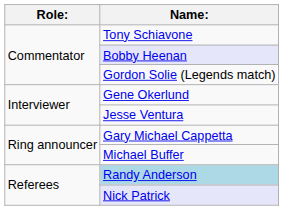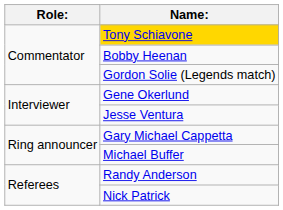 <table class=wikitable style="font-size:90%; margin: 0.5em 0 0.5em 1em; float: right; clear: right;">
 <tr>
 <th>Role:</th>
 <th>Name:</th>
 </tr>
 <tr>
 <td rowspan=3>Commentator</td>
-<td><a href='#'>Tony Schiavone</a></td>
+<td style="background: gold;"><a href='#'>Tony Schiavone</a></td>
 </tr>
 <tr>
-<td style="background: lavender;"><a href='#'>Bobby Heenan</a></td>
+<td><a href='#'>Bobby Heenan</a></td>
 </tr>
 <tr>
 <td><a href='#'>Gordon Solie</a> (Legends match)</td>
 </tr>
 <tr>
 <td rowspan=2>Interviewer</td>
 <td><a href='#'>Gene Okerlund</a></td>
 </tr>
 <tr>
 <td><a href='#'>Jesse Ventura</a></td>
 </tr>
 <tr>
 <td rowspan=2>Ring announcer</td>
 <td><a href='#'>Gary Michael Cappetta</a></td>
 </tr>
 <tr>
 <td><a href='#'>Michael Buffer</a></td>
 </tr>
 <tr>
 <td rowspan=2>Referees</td>
-<td style="background: lightblue;"><a href='#'>Randy Anderson</a></td>
+<td><a href='#'>Randy Anderson</a></td>
 </tr>
 <tr>
-<td style="background: lavender;"><a href='#'>Nick Patrick</a></td>
+<td><a href='#'>Nick Patrick</a></td>
 </tr>
 </table>
